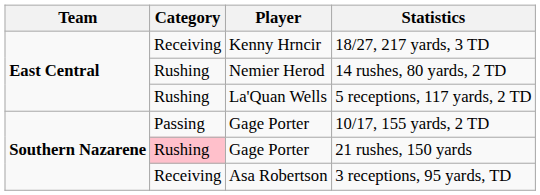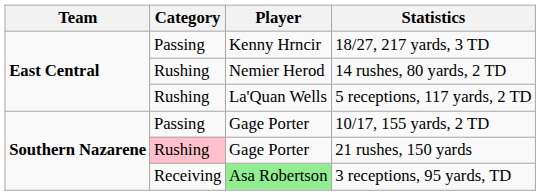 <table class="wikitable" style="float: right;">
 <tr>
 <th>Team</th>
 <th>Category</th>
 <th>Player</th>
 <th>Statistics</th>
 </tr>
 <tr>
 <td rowspan=3><strong>East Central</strong></td>
-<td>Receiving</td>
+<td>Passing</td>
 <td>Kenny Hrncir</td>
 <td>18/27, 217 yards, 3 TD</td>
 </tr>
 <tr>
 <td>Rushing</td>
 <td>Nemier Herod</td>
 <td>14 rushes, 80 yards, 2 TD</td>
 </tr>
 <tr>
 <td>Rushing</td>
 <td>La'Quan Wells</td>
 <td>5 receptions, 117 yards, 2 TD</td>
 </tr>
 <tr>
 <td rowspan=3><strong>Southern Nazarene</strong></td>
 <td>Passing</td>
 <td>Gage Porter</td>
 <td>10/17, 155 yards, 2 TD</td>
 </tr>
 <tr>
 <td style="background: pink;">Rushing</td>
 <td>Gage Porter</td>
 <td>21 rushes, 150 yards</td>
 </tr>
 <tr>
 <td>Receiving</td>
-<td>Asa Robertson</td>
+<td style="background: lightgreen;">Asa Robertson</td>
 <td>3 receptions, 95 yards, TD</td>
 </tr>
 </table>
